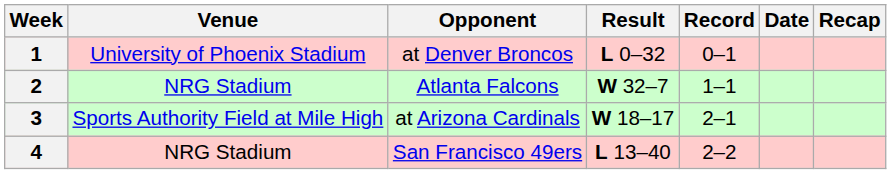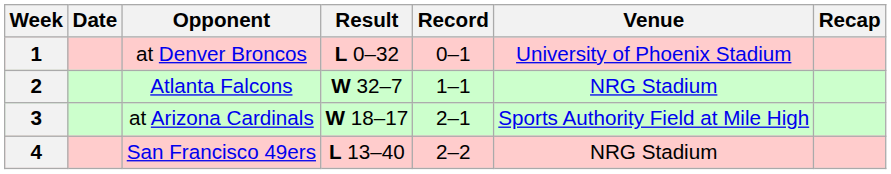 <table class="wikitable" style="text-align:center">
 <tr>
 <th>Week</th>
-<th>Venue</th>
+<th>Date</th>
 <th>Opponent</th>
 <th>Result</th>
 <th>Record</th>
-<th>Date</th>
+<th>Venue</th>
 <th>Recap</th>
 </tr>
 <tr style="background:#fcc">
 <th>1</th>
-<td><a href='#'>University of Phoenix Stadium</a></td>
+<td></td>
 <td>at <a href='#'>Denver Broncos</a></td>
 <td><strong>L</strong> 0–32</td>
 <td>0–1</td>
-<td></td>
+<td><a href='#'>University of Phoenix Stadium</a></td>
 <td></td>
 </tr>
 <tr style="background:#cfc; text-align:center;">
 <th>2</th>
-<td><a href='#'>NRG Stadium</a></td>
+<td></td>
 <td><a href='#'>Atlanta Falcons</a></td>
 <td><strong>W</strong> 32–7</td>
 <td>1–1</td>
-<td></td>
+<td><a href='#'>NRG Stadium</a></td>
 <td></td>
 </tr>
 <tr style="background:#cfc">
 <th>3</th>
-<td><a href='#'>Sports Authority Field at Mile High</a></td>
+<td></td>
 <td>at <a href='#'>Arizona Cardinals</a></td>
 <td><strong>W</strong> 18–17</td>
 <td>2–1</td>
-<td></td>
+<td><a href='#'>Sports Authority Field at Mile High</a></td>
 <td></td>
 </tr>
 <tr style="background:#fcc">
 <th>4</th>
-<td>NRG Stadium</td>
+<td></td>
 <td><a href='#'>San Francisco 49ers</a></td>
 <td><strong>L</strong> 13–40</td>
 <td>2–2</td>
-<td></td>
+<td>NRG Stadium</td>
 <td></td>
 </tr>
 </table>
